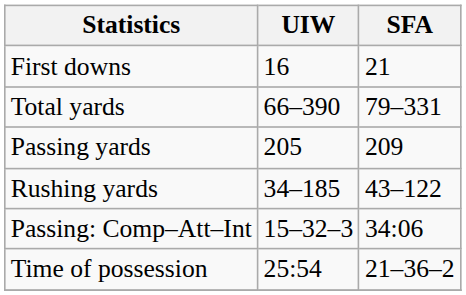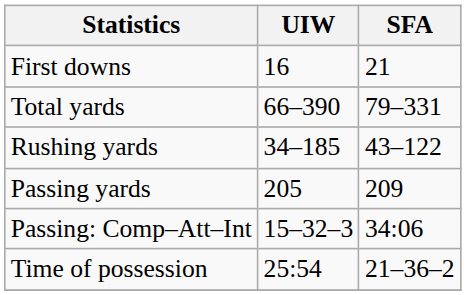 <table class="wikitable" style="float: left;">
 <tr>
 <th>Statistics</th>
 <th>UIW</th>
 <th>SFA</th>
 </tr>
 <tr>
 <td>First downs</td>
 <td>16</td>
 <td>21</td>
 </tr>
 <tr>
 <td>Total yards</td>
 <td>66–390</td>
 <td>79–331</td>
 </tr>
 <tr>
+<td>Rushing yards</td>
+<td>34–185</td>
+<td>43–122</td>
+</tr>
+<tr>
 <td>Passing yards</td>
 <td>205</td>
 <td>209</td>
-</tr>
-<tr>
-<td>Rushing yards</td>
-<td>34–185</td>
-<td>43–122</td>
 </tr>
 <tr>
 <td>Passing: Comp–Att–Int</td>
 <td>15–32–3</td>
 <td>34:06</td>
 </tr>
 <tr>
 <td>Time of possession</td>
 <td>25:54</td>
 <td>21–36–2</td>
 </tr>
 <tr>
 </tr>
 </table>
